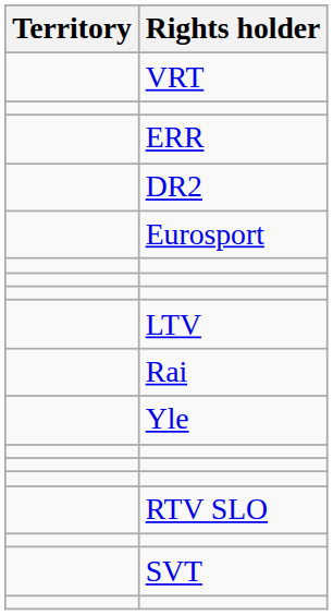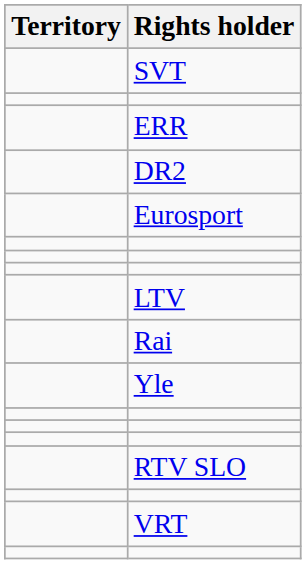 <table class="wikitable">
 <tr>
 <th>Territory</th>
 <th>Rights holder</th>
 </tr>
 <tr>
 <td></td>
-<td><a href='#'>VRT</a></td>
+<td><a href='#'>SVT</a></td>
 </tr>
 <tr>
 <td></td>
 <td></td>
 </tr>
 <tr>
 <td></td>
 <td><a href='#'>ERR</a></td>
 </tr>
 <tr>
 <td></td>
 <td><a href='#'>DR2</a></td>
 </tr>
 <tr>
 <td></td>
 <td><a href='#'>Eurosport</a></td>
 </tr>
 <tr>
 <td></td>
 <td></td>
 </tr>
 <tr>
 <td></td>
 <td></td>
 </tr>
 <tr>
 <td></td>
 <td></td>
 </tr>
 <tr>
 <td></td>
 <td><a href='#'>LTV</a></td>
 </tr>
 <tr>
 <td></td>
 <td><a href='#'>Rai</a></td>
 </tr>
 <tr>
 <td></td>
 <td><a href='#'>Yle</a></td>
 </tr>
 <tr>
 <td></td>
 <td></td>
 </tr>
 <tr>
 <td></td>
 <td></td>
 </tr>
 <tr>
 <td></td>
 <td></td>
 </tr>
 <tr>
 <td></td>
 <td><a href='#'>RTV SLO</a></td>
 </tr>
 <tr>
 <td></td>
 <td></td>
 </tr>
 <tr>
 <td></td>
-<td><a href='#'>SVT</a></td>
+<td><a href='#'>VRT</a></td>
 </tr>
 <tr>
 <td></td>
 <td></td>
 </tr>
 </table>
